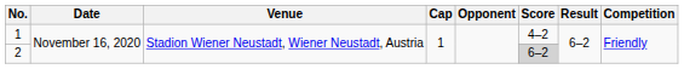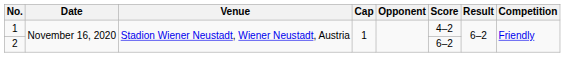 <table class="wikitable sortable">
 <tr>
 <th scope="col">No.</th>
 <th scope="col">Date</th>
 <th scope="col">Venue</th>
 <th scope="col">Cap</th>
 <th scope="col">Opponent</th>
 <th scope="col">Score</th>
 <th scope="col">Result</th>
 <th scope="col">Competition</th>
 </tr>
 <tr>
 <td align="center">1</td>
 <td rowspan="2">November 16, 2020</td>
 <td rowspan="2"><a href='#'>Stadion Wiener Neustadt</a>, <a href='#'>Wiener Neustadt</a>, Austria</td>
 <td rowspan="2" align=center>1</td>
 <td rowspan="2"></td>
 <td align="center">4–2</td>
 <td rowspan="2" align="center">6–2</td>
 <td rowspan="2"><a href='#'>Friendly</a></td>
 </tr>
 <tr>
 <td align="center">2</td>
-<td align="center" style="background: lightgrey;">6–2</td>
+<td align="center">6–2</td>
 </tr>
 </table>
